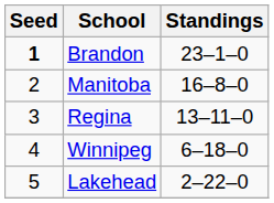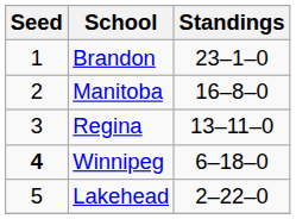 <table class="wikitable">
 <tr>
 <th>Seed</th>
 <th>School</th>
 <th>Standings</th>
 </tr>
 <tr>
-<td align=center><strong>1</strong></td>
+<td align=center>1</td>
 <td><a href='#'>Brandon</a></td>
 <td align=center>23–1–0</td>
 </tr>
 <tr>
 <td align=center>2</td>
 <td><a href='#'>Manitoba</a></td>
 <td align=center>16–8–0</td>
 </tr>
 <tr>
 <td align=center>3</td>
 <td><a href='#'>Regina</a></td>
 <td align=center>13–11–0</td>
 </tr>
 <tr>
-<td align=center>4</td>
+<td align=center><strong>4</strong></td>
 <td><a href='#'>Winnipeg</a></td>
 <td align=center>6–18–0</td>
 </tr>
 <tr>
 <td align=center>5</td>
 <td><a href='#'>Lakehead</a></td>
 <td align=center>2–22–0</td>
 </tr>
 <tr>
 </tr>
 </table>
